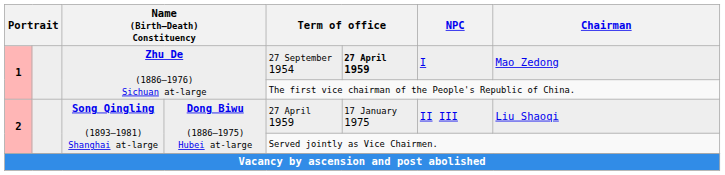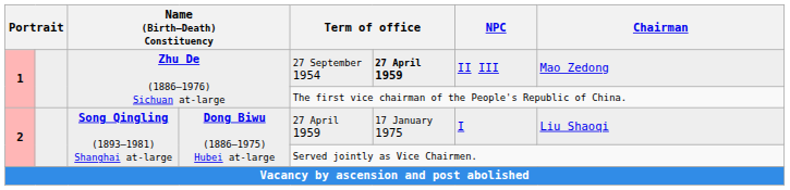 <table class="wikitable" width=100%>
 <tr>
 <th colspan="2" width=5%>Portrait</th>
 <th width=30% colspan="2">Name<br><small>(Birth–Death)<br>Constituency</small></th>
 <th colspan="2" width=20%>Term of office</th>
 <th width=10%><a href='#'>NPC</a></th>
 <th width=30%><a href='#'>Chairman</a></th>
 </tr>
 <tr bgcolor=#EEEEEE>
 <th rowspan="2" style="background-color: #FFB6B6" width=20>1</th>
 <td rowspan="2"></td>
 <td rowspan="2" colspan="2" align="center"><strong><a href='#'>Zhu De</a></strong><br><span></span><small><br>(1886–1976)<br><a href='#'>Sichuan</a> at-large</small></td>
 <td width=10%><small>27 September</small> 1954</td>
 <td width=10%><strong><small>27 April</small> 1959</strong></td>
-<td><a href='#'>I</a></td>
+<td><a href='#'>II</a> <a href='#'>III</a></td>
 <td><a href='#'>Mao Zedong</a></td>
 </tr>
 <tr>
 <td colspan="4"><small>The first vice chairman of the People's Republic of China.</small></td>
 </tr>
 <tr bgcolor=#EEEEEE>
 <th rowspan="2" style="background-color: #FFB6B6" width=2%>2</th>
 <td rowspan="2" align="center"><br></td>
 <td rowspan="2" align="center" width=13.5%><strong><a href='#'>Song Qingling</a></strong><br><span></span><small><br>(1893–1981)<br><a href='#'>Shanghai</a> at-large</small></td>
 <td rowspan="2" align="center" width=13.5%><strong><a href='#'>Dong Biwu</a></strong><br><span></span><small><br>(1886–1975)<br><a href='#'>Hubei</a> at-large</small></td>
 <td width=10%><small>27 April</small> 1959</td>
 <td width=10%><small>17 January</small> 1975</td>
-<td><a href='#'>II</a> <a href='#'>III</a></td>
+<td><a href='#'>I</a></td>
 <td><a href='#'>Liu Shaoqi</a></td>
 </tr>
 <tr ! width=30%|Name>
 <td colspan="4"><small>Served jointly as Vice Chairmen.</small></td>
 </tr>
 <tr bgcolor=#EEEEEE>
 </tr>
 <tr>
 <th colspan=8 style="background:#318CE7; color:white;">Vacancy by ascension and post abolished</th>
 </tr>
 </table>
